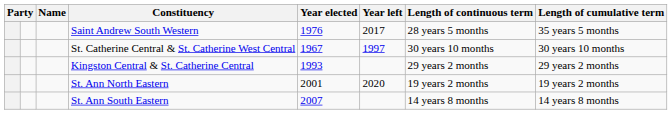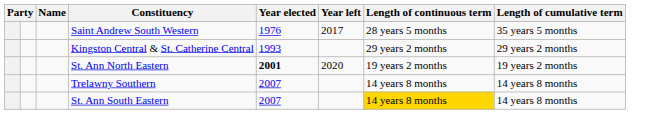 <table class="wikitable sortable">
 <tr>
 <th colspan=2>Party</th>
 <th>Name</th>
 <th>Constituency</th>
 <th>Year elected</th>
 <th>Year left</th>
 <th>Length of continuous term</th>
 <th>Length of cumulative term</th>
 </tr>
 <tr>
 <th style="background-color: "></th>
 <td></td>
 <td></td>
 <td><a href='#'>Saint Andrew South Western</a></td>
 <td><a href='#'>1976</a></td>
 <td>2017</td>
 <td>28 years 5 months</td>
 <td>35 years 5 months</td>
 </tr>
 <tr>
 <th style="background-color: "></th>
 <td></td>
 <td></td>
-<td>St. Catherine Central & <a href='#'>St. Catherine West Central</a></td>
-<td><a href='#'>1967</a></td>
-<td><a href='#'>1997</a></td>
-<td>30 years 10 months </td>
-<td>30 years 10 months</td>
-</tr>
-<tr>
-<th style="background-color: "></th>
-<td></td>
-<td></td>
 <td><a href='#'>Kingston Central</a> & <a href='#'>St. Catherine Central</a></td>
 <td><a href='#'>1993</a></td>
 <td></td>
 <td>29 years 2 months</td>
 <td>29 years 2 months</td>
 </tr>
 <tr>
 <th style="background-color: "></th>
 <td></td>
 <td></td>
 <td><a href='#'>St. Ann North Eastern</a></td>
-<td>2001</td>
+<td><strong>2001</strong></td>
 <td>2020</td>
 <td>19 years 2 months</td>
 <td>19 years 2 months</td>
 </tr>
 <tr>
 <th style="background-color: "></th>
 <td></td>
 <td></td>
-<td><a href='#'>St. Ann South Eastern</a></td>
+<td><a href='#'>Trelawny Southern</a></td>
 <td><a href='#'>2007</a></td>
 <td></td>
 <td>14 years 8 months</td>
 <td>14 years 8 months</td>
 </tr>
+<tr>
+<th style="background-color: "></th>
+<td></td>
+<td></td>
+<td><a href='#'>St. Ann South Eastern</a></td>
+<td><a href='#'>2007</a></td>
+<td></td>
+<td style="background: gold;">14 years 8 months</td>
+<td>14 years 8 months</td>
+</tr>
 </table>
